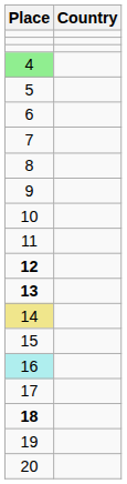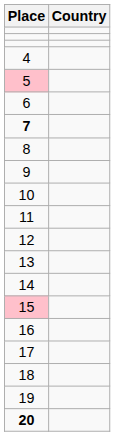 <table class="wikitable" style="font-size:95%;">
 <tr>
 <th>Place</th>
 <th>Country</th>
 </tr>
 <tr>
 <td align=center></td>
 <td></td>
 </tr>
 <tr>
 <td align=center></td>
 <td></td>
 </tr>
 <tr>
 <td align=center></td>
 <td></td>
 </tr>
 <tr>
-<td align=center style="background: lightgreen;">4</td>
+<td align=center>4</td>
 <td></td>
 </tr>
 <tr>
-<td align=center>5</td>
+<td align=center style="background: pink;">5</td>
 <td></td>
 </tr>
 <tr>
 <td align=center>6</td>
 <td></td>
 </tr>
 <tr>
-<td align=center>7</td>
+<td align=center><strong>7</strong></td>
 <td></td>
 </tr>
 <tr>
 <td align=center>8</td>
 <td></td>
 </tr>
 <tr>
 <td align=center>9</td>
 <td></td>
 </tr>
 <tr>
 <td align=center>10</td>
 <td></td>
 </tr>
 <tr>
 <td align=center>11</td>
 <td></td>
 </tr>
 <tr>
-<td align=center><strong>12</strong></td>
+<td align=center>12</td>
 <td></td>
 </tr>
 <tr>
-<td align=center><strong>13</strong></td>
+<td align=center>13</td>
 <td></td>
 </tr>
 <tr>
-<td align=center style="background: khaki;">14</td>
+<td align=center>14</td>
 <td></td>
 </tr>
 <tr>
-<td align=center>15</td>
+<td align=center style="background: pink;">15</td>
 <td></td>
 </tr>
 <tr>
-<td align=center style="background: paleturquoise;">16</td>
+<td align=center>16</td>
 <td></td>
 </tr>
 <tr>
 <td align=center>17</td>
 <td></td>
 </tr>
 <tr>
-<td align=center><strong>18</strong></td>
+<td align=center>18</td>
 <td></td>
 </tr>
 <tr>
 <td align=center>19</td>
 <td></td>
 </tr>
 <tr>
-<td align=center>20</td>
+<td align=center><strong>20</strong></td>
 <td></td>
 </tr>
 </table>
